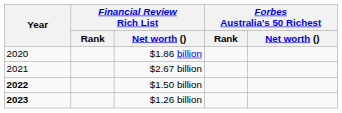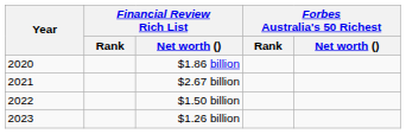 <table class="wikitable">
 <tr>
 <th rowspan=2>Year</th>
 <th colspan="2" style="width:40%;"><em><a href='#'>Financial Review</a></em><br><a href='#'>Rich List</a></th>
 <th colspan="2" style="width:40%;"><em><a href='#'>Forbes</a></em><br><a href='#'>Australia's 50 Richest</a></th>
 </tr>
 <tr>
 <th>Rank</th>
 <th><a href='#'>Net worth</a> ()</th>
 <th>Rank</th>
 <th><a href='#'>Net worth</a> ()</th>
 </tr>
 <tr>
 <td>2020</td>
 <td align="center"></td>
 <td align="right">$1.86 <a href='#'>billion</a> </td>
 <td align="center"></td>
 <td align="right"></td>
 </tr>
 <tr>
 <td>2021</td>
 <td align="center"></td>
 <td align="right">$2.67 billion </td>
 <td align="center"></td>
 <td align="right"></td>
 </tr>
 <tr>
-<td><strong>2022</strong></td>
+<td>2022</td>
 <td align="center"></td>
 <td align="right">$1.50 billion </td>
 <td align="center"></td>
 <td align="right"></td>
 </tr>
 <tr>
-<td><strong>2023</strong></td>
+<td>2023</td>
 <td align="center"></td>
 <td align="right">$1.26 billion </td>
 <td align="center"></td>
 <td align="right"></td>
 </tr>
 </table>
